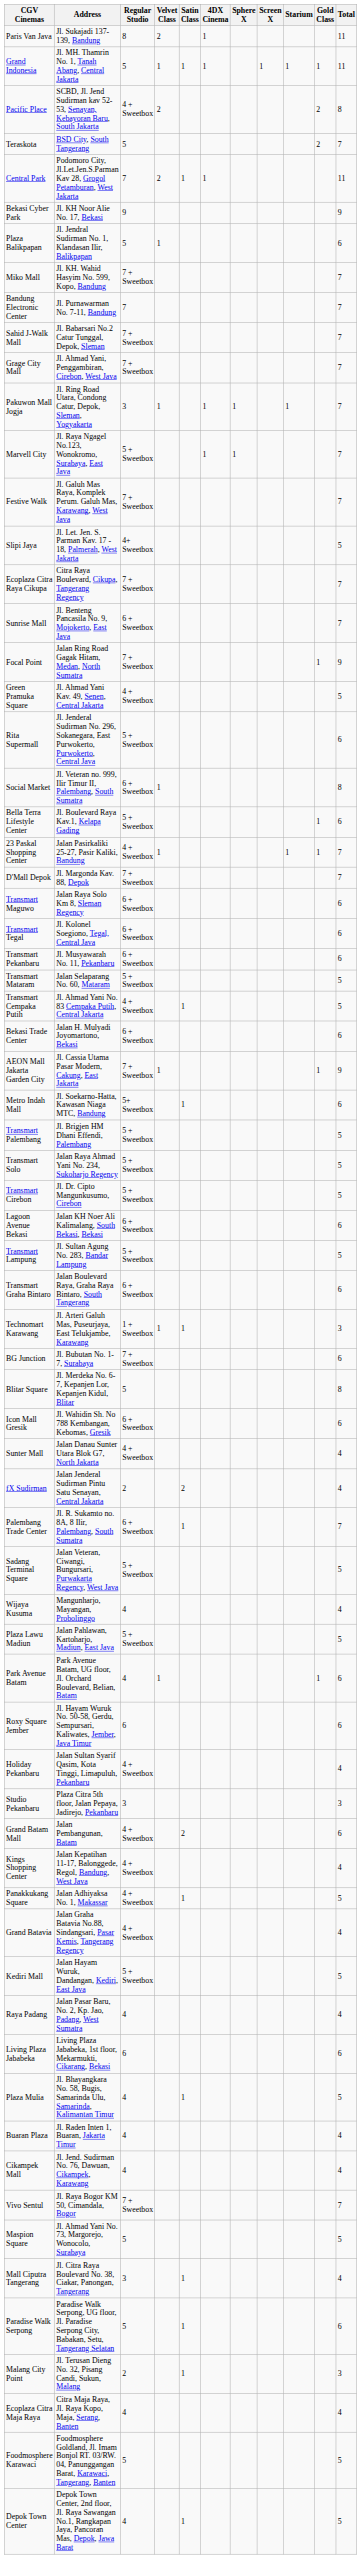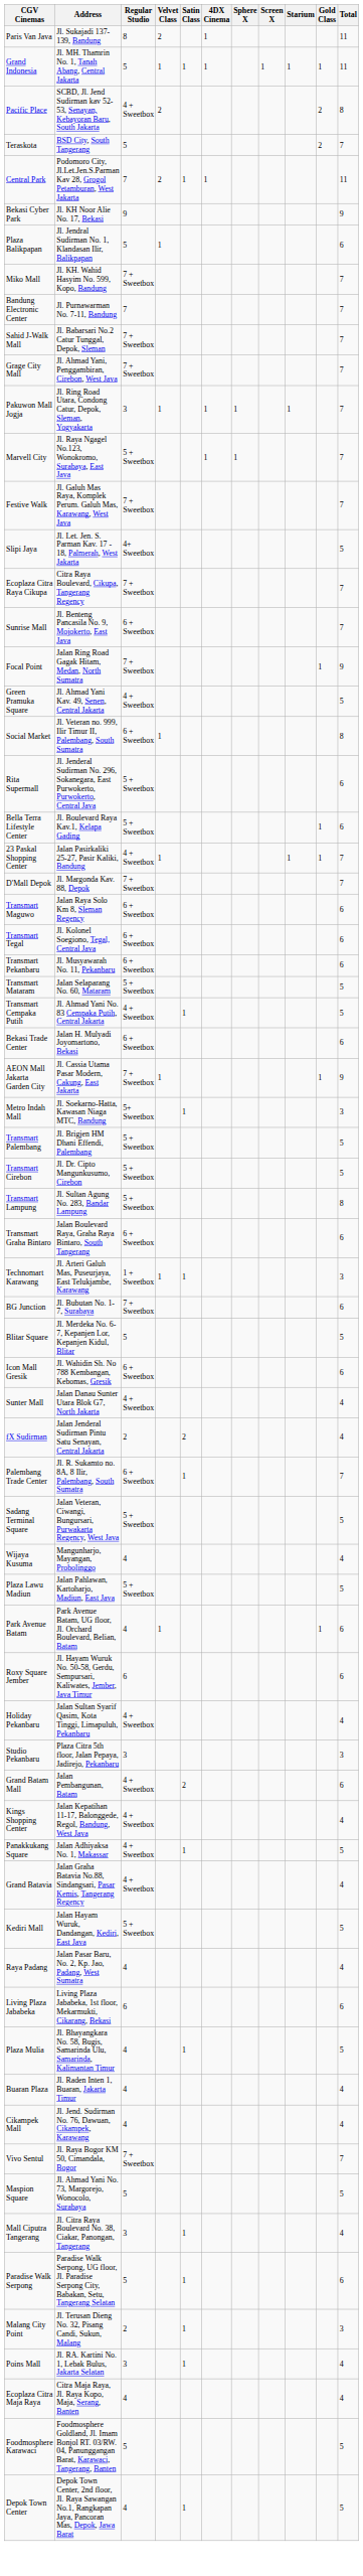 <table class="wikitable sortable">
 <tr>
 <th>CGV Cinemas</th>
 <th>Address</th>
 <th>Regular Studio</th>
 <th>Velvet Class</th>
 <th>Satin Class</th>
 <th>4DX Cinema</th>
 <th>Sphere X</th>
 <th>Screen X</th>
 <th>Starium</th>
 <th>Gold Class</th>
 <th>Total</th>
 </tr>
 <tr>
 <td>Paris Van Java</td>
 <td>Jl. Sukajadi 137-139, <a href='#'>Bandung</a></td>
 <td>8</td>
 <td>2</td>
 <td></td>
 <td>1</td>
 <td></td>
 <td></td>
 <td></td>
 <td></td>
 <td>11</td>
 </tr>
 <tr>
 <td><a href='#'>Grand Indonesia</a></td>
 <td>Jl. MH. Thamrin No. 1, <a href='#'>Tanah Abang</a>, <a href='#'>Central Jakarta</a></td>
 <td>5</td>
 <td>1</td>
 <td>1</td>
 <td>1</td>
 <td></td>
 <td>1</td>
 <td>1</td>
 <td>1</td>
 <td>11</td>
 </tr>
 <tr>
 <td><a href='#'>Pacific Place</a></td>
 <td>SCBD, Jl. Jend Sudirman kav 52-53, <a href='#'>Senayan, Kebayoran Baru</a>, <a href='#'>South Jakarta</a></td>
 <td>4 + Sweetbox</td>
 <td>2</td>
 <td></td>
 <td></td>
 <td></td>
 <td></td>
 <td></td>
 <td>2</td>
 <td>8</td>
 </tr>
 <tr>
 <td>Teraskota</td>
 <td><a href='#'>BSD City</a>, <a href='#'>South Tangerang</a></td>
 <td>5</td>
 <td></td>
 <td></td>
 <td></td>
 <td></td>
 <td></td>
 <td></td>
 <td>2</td>
 <td>7</td>
 </tr>
 <tr>
 <td><a href='#'>Central Park</a></td>
 <td>Podomoro City, Jl.Let.Jen.S.Parman Kav 28, <a href='#'>Grogol Petamburan</a>, <a href='#'>West Jakarta</a></td>
 <td>7</td>
 <td>2</td>
 <td>1</td>
 <td>1</td>
 <td></td>
 <td></td>
 <td></td>
 <td></td>
 <td>11</td>
 </tr>
 <tr>
 <td>Bekasi Cyber Park</td>
 <td>Jl. KH Noor Alie No. 17, <a href='#'>Bekasi</a></td>
 <td>9</td>
 <td></td>
 <td></td>
 <td></td>
 <td></td>
 <td></td>
 <td></td>
 <td></td>
 <td>9</td>
 </tr>
 <tr>
 <td>Plaza Balikpapan</td>
 <td>Jl. Jendral Sudirman No. 1, Klandasan Ilir, <a href='#'>Balikpapan</a></td>
 <td>5</td>
 <td>1</td>
 <td></td>
 <td></td>
 <td></td>
 <td></td>
 <td></td>
 <td></td>
 <td>6</td>
 </tr>
 <tr>
 <td>Miko Mall</td>
 <td>Jl. KH. Wahid Hasyim No. 599, Kopo, <a href='#'>Bandung</a></td>
 <td>7 + Sweetbox</td>
 <td></td>
 <td></td>
 <td></td>
 <td></td>
 <td></td>
 <td></td>
 <td></td>
 <td>7</td>
 </tr>
 <tr>
 <td>Bandung Electronic Center</td>
 <td>Jl. Purnawarman No. 7-11, <a href='#'>Bandung</a></td>
 <td>7</td>
 <td></td>
 <td></td>
 <td></td>
 <td></td>
 <td></td>
 <td></td>
 <td></td>
 <td>7</td>
 </tr>
 <tr>
 <td>Sahid J-Walk Mall</td>
 <td>Jl. Babarsari No.2 Catur Tunggal, Depok, <a href='#'>Sleman</a></td>
 <td>7 + Sweetbox</td>
 <td></td>
 <td></td>
 <td></td>
 <td></td>
 <td></td>
 <td></td>
 <td></td>
 <td>7</td>
 </tr>
 <tr>
 <td>Grage City Mall</td>
 <td>Jl. Ahmad Yani, Penggambiran, <a href='#'>Cirebon</a>, <a href='#'>West Java</a></td>
 <td>7 + Sweetbox</td>
 <td></td>
 <td></td>
 <td></td>
 <td></td>
 <td></td>
 <td></td>
 <td></td>
 <td>7</td>
 </tr>
 <tr>
 <td>Pakuwon Mall Jogja</td>
 <td>Jl. Ring Road Utara, Condong Catur, Depok, <a href='#'>Sleman</a>, <a href='#'>Yogyakarta</a></td>
 <td>3</td>
 <td>1</td>
 <td></td>
 <td>1</td>
 <td>1</td>
 <td></td>
 <td>1</td>
 <td></td>
 <td>7</td>
 </tr>
 <tr>
 <td>Marvell City</td>
 <td>Jl. Raya Ngagel No.123, Wonokromo, <a href='#'>Surabaya</a>, <a href='#'>East Java</a></td>
 <td>5 + Sweetbox</td>
 <td></td>
 <td></td>
 <td>1</td>
 <td>1</td>
 <td></td>
 <td></td>
 <td></td>
 <td>7</td>
 </tr>
 <tr>
 <td>Festive Walk</td>
 <td>Jl. Galuh Mas Raya, Komplek Perum. Galuh Mas, <a href='#'>Karawang</a>, <a href='#'>West Java</a></td>
 <td>7 + Sweetbox</td>
 <td></td>
 <td></td>
 <td></td>
 <td></td>
 <td></td>
 <td></td>
 <td></td>
 <td>7</td>
 </tr>
 <tr>
 <td>Slipi Jaya</td>
 <td>Jl. Let. Jen. S. Parman Kav. 17 - 18, <a href='#'>Palmerah</a>, <a href='#'>West Jakarta</a></td>
 <td>4+ Sweetbox</td>
 <td></td>
 <td></td>
 <td></td>
 <td></td>
 <td></td>
 <td></td>
 <td></td>
 <td>5</td>
 </tr>
 <tr>
 <td>Ecoplaza Citra Raya Cikupa</td>
 <td>Citra Raya Boulevard, <a href='#'>Cikupa</a>, <a href='#'>Tangerang Regency</a></td>
 <td>7 + Sweetbox</td>
 <td></td>
 <td></td>
 <td></td>
 <td></td>
 <td></td>
 <td></td>
 <td></td>
 <td>7</td>
 </tr>
 <tr>
 <td>Sunrise Mall</td>
 <td>Jl. Benteng Pancasila No. 9, <a href='#'>Mojokerto</a>, <a href='#'>East Java</a></td>
 <td>6 + Sweetbox</td>
 <td></td>
 <td></td>
 <td></td>
 <td></td>
 <td></td>
 <td></td>
 <td></td>
 <td>7</td>
 </tr>
 <tr>
 <td>Focal Point</td>
 <td>Jalan Ring Road Gagak Hitam, <a href='#'>Medan</a>, <a href='#'>North Sumatra</a></td>
 <td>7 + Sweetbox</td>
 <td></td>
 <td></td>
 <td></td>
 <td></td>
 <td></td>
 <td></td>
 <td>1</td>
 <td>9</td>
 </tr>
 <tr>
 <td>Green Pramuka Square</td>
 <td>Jl. Ahmad Yani Kav. 49, <a href='#'>Senen</a>, <a href='#'>Central Jakarta</a></td>
 <td>4 + Sweetbox</td>
 <td></td>
 <td></td>
 <td></td>
 <td></td>
 <td></td>
 <td></td>
 <td></td>
 <td>5</td>
 </tr>
 <tr>
+<td>Social Market</td>
+<td>Jl. Veteran no. 999, Ilir Timur II, <a href='#'>Palembang</a>, <a href='#'>South Sumatra</a></td>
+<td>6 + Sweetbox</td>
+<td>1</td>
+<td></td>
+<td></td>
+<td></td>
+<td></td>
+<td></td>
+<td></td>
+<td>8</td>
+</tr>
+<tr>
 <td>Rita Supermall</td>
 <td>Jl. Jenderal Sudirman No. 296, Sokanegara, East Purwokerto, <a href='#'>Purwokerto</a>, <a href='#'>Central Java</a></td>
 <td>5 + Sweetbox</td>
 <td></td>
 <td></td>
 <td></td>
 <td></td>
 <td></td>
 <td></td>
 <td></td>
 <td>6</td>
-</tr>
-<tr>
-<td>Social Market</td>
-<td>Jl. Veteran no. 999, Ilir Timur II, <a href='#'>Palembang</a>, <a href='#'>South Sumatra</a></td>
-<td>6 + Sweetbox</td>
-<td>1</td>
-<td></td>
-<td></td>
-<td></td>
-<td></td>
-<td></td>
-<td></td>
-<td>8</td>
 </tr>
 <tr>
 <td>Bella Terra Lifestyle Center</td>
 <td>Jl. Boulevard Raya Kav.1, <a href='#'>Kelapa Gading</a></td>
 <td>5 + Sweetbox</td>
 <td></td>
 <td></td>
 <td></td>
 <td></td>
 <td></td>
 <td></td>
 <td>1</td>
 <td>6</td>
 </tr>
 <tr>
 <td>23 Paskal Shopping Center</td>
 <td>Jalan Pasirkaliki 25-27, Pasir Kaliki, <a href='#'>Bandung</a></td>
 <td>4 + Sweetbox</td>
 <td>1</td>
 <td></td>
 <td></td>
 <td></td>
 <td></td>
 <td>1</td>
 <td>1</td>
 <td>7</td>
 </tr>
 <tr>
 <td>D'Mall Depok</td>
 <td>Jl. Margonda Kav. 88, <a href='#'>Depok</a></td>
 <td>7 + Sweetbox</td>
 <td></td>
 <td></td>
 <td></td>
 <td></td>
 <td></td>
 <td></td>
 <td></td>
 <td>7</td>
 </tr>
 <tr>
 <td><a href='#'>Transmart</a> Maguwo</td>
 <td>Jalan Raya Solo Km 8, <a href='#'>Sleman Regency</a></td>
 <td>6 + Sweetbox</td>
 <td></td>
 <td></td>
 <td></td>
 <td></td>
 <td></td>
 <td></td>
 <td></td>
 <td>6</td>
 </tr>
 <tr>
 <td><a href='#'>Transmart</a> Tegal</td>
 <td>Jl. Kolonel Soegiono, <a href='#'>Tegal, Central Java</a></td>
 <td>6 + Sweetbox</td>
 <td></td>
 <td></td>
 <td></td>
 <td></td>
 <td></td>
 <td></td>
 <td></td>
 <td>6</td>
 </tr>
 <tr>
 <td>Transmart Pekanbaru</td>
 <td>Jl. Musyawarah No. 11, <a href='#'>Pekanbaru</a></td>
 <td>6 + Sweetbox</td>
 <td></td>
 <td></td>
 <td></td>
 <td></td>
 <td></td>
 <td></td>
 <td></td>
 <td>6</td>
 </tr>
 <tr>
 <td>Transmart Mataram</td>
 <td>Jalan Selaparang No. 60, <a href='#'>Mataram</a></td>
 <td>5 + Sweetbox</td>
 <td></td>
 <td></td>
 <td></td>
 <td></td>
 <td></td>
 <td></td>
 <td></td>
 <td>5</td>
 </tr>
 <tr>
 <td>Transmart Cempaka Putih</td>
 <td>Jl. Ahmad Yani No. 83 <a href='#'>Cempaka Putih</a>, <a href='#'>Central Jakarta</a></td>
 <td>4 + Sweetbox</td>
 <td></td>
 <td>1</td>
 <td></td>
 <td></td>
 <td></td>
 <td></td>
 <td></td>
 <td>5</td>
 </tr>
 <tr>
 <td>Bekasi Trade Center</td>
 <td>Jalan H. Mulyadi Joyomartono, <a href='#'>Bekasi</a></td>
 <td>6 + Sweetbox</td>
 <td></td>
 <td></td>
 <td></td>
 <td></td>
 <td></td>
 <td></td>
 <td></td>
 <td>6</td>
 </tr>
 <tr>
 <td>AEON Mall Jakarta Garden City</td>
 <td>Jl. Cassia Utama Pasar Modern, <a href='#'>Cakung</a>, <a href='#'>East Jakarta</a></td>
 <td>7 + Sweetbox</td>
 <td>1</td>
 <td></td>
 <td></td>
 <td></td>
 <td></td>
 <td></td>
 <td>1</td>
 <td>9</td>
 </tr>
 <tr>
 <td>Metro Indah Mall</td>
 <td>Jl. Soekarno-Hatta, Kawasan Niaga MTC, <a href='#'>Bandung</a></td>
 <td>5+ Sweetbox</td>
 <td></td>
 <td>1</td>
 <td></td>
 <td></td>
 <td></td>
 <td></td>
 <td></td>
-<td>6</td>
+<td>3</td>
 </tr>
 <tr>
 <td><a href='#'>Transmart</a> Palembang</td>
 <td>Jl. Brigjen HM Dhani Effendi, <a href='#'>Palembang</a></td>
-<td>5 + Sweetbox</td>
-<td></td>
-<td></td>
-<td></td>
-<td></td>
-<td></td>
-<td></td>
-<td></td>
-<td>5</td>
-</tr>
-<tr>
-<td>Transmart Solo</td>
-<td>Jalan Raya Ahmad Yani No. 234, <a href='#'>Sukoharjo Regency</a></td>
 <td>5 + Sweetbox</td>
 <td></td>
 <td></td>
 <td></td>
 <td></td>
 <td></td>
 <td></td>
 <td></td>
 <td>5</td>
 </tr>
 <tr>
 <td><a href='#'>Transmart</a> Cirebon</td>
 <td>Jl. Dr. Cipto Mangunkusumo, <a href='#'>Cirebon</a></td>
 <td>5 + Sweetbox</td>
 <td></td>
 <td></td>
 <td></td>
 <td></td>
 <td></td>
 <td></td>
 <td></td>
 <td>5</td>
 </tr>
 <tr>
-<td>Lagoon Avenue Bekasi</td>
-<td>Jalan KH Noer Ali Kalimalang, <a href='#'>South Bekasi</a>, <a href='#'>Bekasi</a></td>
-<td>6 + Sweetbox</td>
-<td></td>
-<td></td>
-<td></td>
-<td></td>
-<td></td>
-<td></td>
-<td></td>
-<td>6</td>
-</tr>
-<tr>
 <td><a href='#'>Transmart</a> Lampung</td>
 <td>Jl. Sultan Agung No. 283, <a href='#'>Bandar Lampung</a></td>
 <td>5 + Sweetbox</td>
 <td></td>
 <td></td>
 <td></td>
 <td></td>
 <td></td>
 <td></td>
 <td></td>
-<td>5</td>
+<td>8</td>
 </tr>
 <tr>
 <td>Transmart Graha Bintaro</td>
 <td>Jalan Boulevard Raya, Graha Raya Bintaro, <a href='#'>South Tangerang</a></td>
 <td>6 + Sweetbox</td>
 <td></td>
 <td></td>
 <td></td>
 <td></td>
 <td></td>
 <td></td>
 <td></td>
 <td>6</td>
 </tr>
 <tr>
 <td>Technomart Karawang</td>
 <td>Jl. Arteri Galuh Mas, Puseurjaya, East Telukjambe, <a href='#'>Karawang</a></td>
 <td>1 + Sweetbox</td>
 <td>1</td>
 <td>1</td>
 <td></td>
 <td></td>
 <td></td>
 <td></td>
 <td></td>
 <td>3</td>
 </tr>
 <tr>
 <td>BG Junction</td>
 <td>Jl. Bubutan No. 1-7, <a href='#'>Surabaya</a></td>
 <td>7 + Sweetbox</td>
 <td></td>
 <td></td>
 <td></td>
 <td></td>
 <td></td>
 <td></td>
 <td></td>
 <td>6</td>
 </tr>
 <tr>
 <td>Blitar Square</td>
 <td>Jl. Merdeka No. 6-7, Kepanjen Lor, Kepanjen Kidul, <a href='#'>Blitar</a></td>
 <td>5</td>
 <td></td>
 <td></td>
 <td></td>
 <td></td>
 <td></td>
 <td></td>
 <td></td>
-<td>8</td>
+<td>5</td>
 </tr>
 <tr>
 <td>Icon Mall Gresik</td>
 <td>Jl. Wahidin Sh. No 788 Kembangan, Kebomas, <a href='#'>Gresik</a></td>
 <td>6 + Sweetbox</td>
 <td></td>
 <td></td>
 <td></td>
 <td></td>
 <td></td>
 <td></td>
 <td></td>
 <td>6</td>
 </tr>
 <tr>
 <td>Sunter Mall</td>
 <td>Jalan Danau Sunter Utara Blok G7, <a href='#'>North Jakarta</a></td>
 <td>4 + Sweetbox</td>
 <td></td>
 <td></td>
 <td></td>
 <td></td>
 <td></td>
 <td></td>
 <td></td>
 <td>4</td>
 </tr>
 <tr>
 <td><a href='#'>fX Sudirman</a></td>
 <td>Jalan Jenderal Sudirman Pintu Satu Senayan, <a href='#'>Central Jakarta</a></td>
 <td>2</td>
 <td></td>
 <td>2</td>
 <td></td>
 <td></td>
 <td></td>
 <td></td>
 <td></td>
 <td>4</td>
 </tr>
 <tr>
 <td>Palembang Trade Center</td>
 <td>Jl. R. Sukamto no. 8A, 8 Ilir, <a href='#'>Palembang</a>, <a href='#'>South Sumatra</a></td>
 <td>6 + Sweetbox</td>
 <td></td>
 <td>1</td>
 <td></td>
 <td></td>
 <td></td>
 <td></td>
 <td></td>
 <td>7</td>
 </tr>
 <tr>
 <td>Sadang Terminal Square</td>
 <td>Jalan Veteran, Ciwangi, Bungursari, <a href='#'>Purwakarta Regency</a>, <a href='#'>West Java</a></td>
 <td>5 + Sweetbox</td>
 <td></td>
 <td></td>
 <td></td>
 <td></td>
 <td></td>
 <td></td>
 <td></td>
 <td>5</td>
 </tr>
 <tr>
 <td>Wijaya Kusuma</td>
 <td>Mangunharjo, Mayangan, <a href='#'>Probolinggo</a></td>
 <td>4</td>
 <td></td>
 <td></td>
 <td></td>
 <td></td>
 <td></td>
 <td></td>
 <td></td>
 <td>4</td>
 </tr>
 <tr>
 <td>Plaza Lawu Madiun</td>
 <td>Jalan Pahlawan, Kartoharjo, <a href='#'>Madiun</a>, <a href='#'>East Java</a></td>
 <td>5 + Sweetbox</td>
 <td></td>
 <td></td>
 <td></td>
 <td></td>
 <td></td>
 <td></td>
 <td></td>
 <td>5</td>
 </tr>
 <tr>
 <td>Park Avenue Batam</td>
 <td>Park Avenue Batam, UG floor, Jl. Orchard Boulevard, Belian, <a href='#'>Batam</a></td>
 <td>4</td>
 <td>1</td>
 <td></td>
 <td></td>
 <td></td>
 <td></td>
 <td></td>
 <td>1</td>
 <td>6</td>
 </tr>
 <tr>
 <td>Roxy Square Jember</td>
 <td>Jl. Hayam Wuruk No. 50-58, Gerdu, Sempursari, Kaliwates, <a href='#'>Jember</a>, <a href='#'>Java Timur</a></td>
 <td>6</td>
 <td></td>
 <td></td>
 <td></td>
 <td></td>
 <td></td>
 <td></td>
 <td></td>
 <td>6</td>
 </tr>
 <tr>
 <td>Holiday Pekanbaru</td>
 <td>Jalan Sultan Syarif Qasim, Kota Tinggi, Limapuluh, <a href='#'>Pekanbaru</a></td>
 <td>4 + Sweetbox</td>
 <td></td>
 <td></td>
 <td></td>
 <td></td>
 <td></td>
 <td></td>
 <td></td>
 <td>4</td>
 </tr>
 <tr>
 <td>Studio Pekanbaru</td>
 <td>Plaza Citra 5th floor, Jalan Pepaya, Jadirejo, <a href='#'>Pekanbaru</a></td>
 <td>3</td>
 <td></td>
 <td></td>
 <td></td>
 <td></td>
 <td></td>
 <td></td>
 <td></td>
 <td>3</td>
 </tr>
 <tr>
 <td>Grand Batam Mall</td>
 <td>Jalan Pembangunan, <a href='#'>Batam</a></td>
 <td>4 + Sweetbox</td>
 <td></td>
 <td>2</td>
 <td></td>
 <td></td>
 <td></td>
 <td></td>
 <td></td>
 <td>6</td>
 </tr>
 <tr>
 <td>Kings Shopping Center</td>
 <td>Jalan Kepatihan 11-17, Balonggede, Regol, <a href='#'>Bandung</a>, <a href='#'>West Java</a></td>
 <td>4 + Sweetbox</td>
 <td></td>
 <td></td>
 <td></td>
 <td></td>
 <td></td>
 <td></td>
 <td></td>
 <td>4</td>
 </tr>
 <tr>
 <td>Panakkukang Square</td>
 <td>Jalan Adhiyaksa No. 1, <a href='#'>Makassar</a></td>
 <td>4 + Sweetbox</td>
 <td></td>
 <td>1</td>
 <td></td>
 <td></td>
 <td></td>
 <td></td>
 <td></td>
 <td>5</td>
 </tr>
 <tr>
 <td>Grand Batavia</td>
 <td>Jalan Graha Batavia No.88, Sindangsari, <a href='#'>Pasar Kemis</a>, <a href='#'>Tangerang Regency</a></td>
 <td>4 + Sweetbox</td>
 <td></td>
 <td></td>
 <td></td>
 <td></td>
 <td></td>
 <td></td>
 <td></td>
 <td>4</td>
 </tr>
 <tr>
 <td>Kediri Mall</td>
 <td>Jalan Hayam Wuruk, Dandangan, <a href='#'>Kediri</a>, <a href='#'>East Java</a></td>
 <td>5 + Sweetbox</td>
 <td></td>
 <td></td>
 <td></td>
 <td></td>
 <td></td>
 <td></td>
 <td></td>
 <td>5</td>
 </tr>
 <tr>
 <td>Raya Padang</td>
 <td>Jalan Pasar Baru, No. 2, Kp. Jao, <a href='#'>Padang</a>, <a href='#'>West Sumatra</a></td>
 <td>4</td>
 <td></td>
 <td></td>
 <td></td>
 <td></td>
 <td></td>
 <td></td>
 <td></td>
 <td>4</td>
 </tr>
 <tr>
 <td>Living Plaza Jababeka</td>
 <td>Living Plaza Jababeka, 1st floor, Mekarmukti, <a href='#'>Cikarang</a>, <a href='#'>Bekasi</a></td>
 <td>6</td>
 <td></td>
 <td></td>
 <td></td>
 <td></td>
 <td></td>
 <td></td>
 <td></td>
 <td>6</td>
 </tr>
 <tr>
 <td>Plaza Mulia</td>
 <td>Jl. Bhayangkara No. 58, Bugis, Samarinda Ulu, <a href='#'>Samarinda</a>, <a href='#'>Kalimantan Timur</a></td>
 <td>4</td>
 <td></td>
 <td>1</td>
 <td></td>
 <td></td>
 <td></td>
 <td></td>
 <td></td>
 <td>5</td>
 </tr>
 <tr>
 <td>Buaran Plaza</td>
 <td>Jl. Raden Inten 1, Buaran, <a href='#'>Jakarta Timur</a></td>
 <td>4</td>
 <td></td>
 <td></td>
 <td></td>
 <td></td>
 <td></td>
 <td></td>
 <td></td>
 <td>4</td>
 </tr>
 <tr>
 <td>Cikampek Mall</td>
 <td>Jl. Jend. Sudirman No. 76, Dawuan, <a href='#'>Cikampek</a>, <a href='#'>Karawang</a></td>
 <td>4</td>
 <td></td>
 <td></td>
 <td></td>
 <td></td>
 <td></td>
 <td></td>
 <td></td>
 <td>4</td>
 </tr>
 <tr>
 <td>Vivo Sentul</td>
 <td>Jl. Raya Bogor KM 50, Cimandala, <a href='#'>Bogor</a></td>
 <td>7 + Sweetbox</td>
 <td></td>
 <td></td>
 <td></td>
 <td></td>
 <td></td>
 <td></td>
 <td></td>
 <td>7</td>
 </tr>
 <tr>
 <td>Maspion Square</td>
 <td>Jl. Ahmad Yani No. 73, Margorejo, Wonocolo, <a href='#'>Surabaya</a></td>
 <td>5</td>
 <td></td>
 <td></td>
 <td></td>
 <td></td>
 <td></td>
 <td></td>
 <td></td>
 <td>5</td>
 </tr>
 <tr>
 <td>Mall Ciputra Tangerang</td>
 <td>Jl. Citra Raya Boulevard No. 38, Ciakar, Panongan, <a href='#'>Tangerang</a></td>
 <td>3</td>
 <td></td>
 <td>1</td>
 <td></td>
 <td></td>
 <td></td>
 <td></td>
 <td></td>
 <td>4</td>
 </tr>
 <tr>
 <td>Paradise Walk Serpong</td>
 <td>Paradise Walk Serpong, UG floor, Jl. Paradise Serpong City, Babakan, Setu, <a href='#'>Tangerang Selatan</a></td>
 <td>5</td>
 <td></td>
 <td>1</td>
 <td></td>
 <td></td>
 <td></td>
 <td></td>
 <td></td>
 <td>6</td>
 </tr>
 <tr>
 <td>Malang City Point</td>
 <td>Jl. Terusan Dieng No. 32, Pisang Candi, Sukun, <a href='#'>Malang</a></td>
 <td>2</td>
 <td></td>
 <td>1</td>
 <td></td>
 <td></td>
 <td></td>
 <td></td>
 <td></td>
 <td>3</td>
 </tr>
 <tr>
+<td>Poins Mall</td>
+<td>Jl. RA. Kartini No. 1, Lebak Bulus, <a href='#'>Jakarta Selatan</a></td>
+<td>3</td>
+<td></td>
+<td>1</td>
+<td></td>
+<td></td>
+<td></td>
+<td></td>
+<td></td>
+<td>4</td>
+</tr>
+<tr>
 <td>Ecoplaza Citra Maja Raya</td>
 <td>Citra Maja Raya, Jl. Raya Kopo, Maja, <a href='#'>Serang</a>, <a href='#'>Banten</a></td>
 <td>4</td>
 <td></td>
 <td></td>
 <td></td>
 <td></td>
 <td></td>
 <td></td>
 <td></td>
 <td>4</td>
 </tr>
 <tr>
 <td>Foodmosphere Karawaci</td>
 <td>Foodmosphere Goldland, Jl. Imam Bonjol RT. 03/RW. 04, Panunggangan Barat, <a href='#'>Karawaci</a>, <a href='#'>Tangerang</a>, <a href='#'>Banten</a></td>
 <td>5</td>
 <td></td>
 <td></td>
 <td></td>
 <td></td>
 <td></td>
 <td></td>
 <td></td>
 <td>5</td>
 </tr>
 <tr>
 <td>Depok Town Center</td>
 <td>Depok Town Center, 2nd floor, Jl. Raya Sawangan No.1, Rangkapan Jaya, Pancoran Mas, <a href='#'>Depok</a>, <a href='#'>Jawa Barat</a></td>
 <td>4</td>
 <td></td>
 <td>1</td>
 <td></td>
 <td></td>
 <td></td>
 <td></td>
 <td></td>
 <td>5</td>
 </tr>
 </table>
